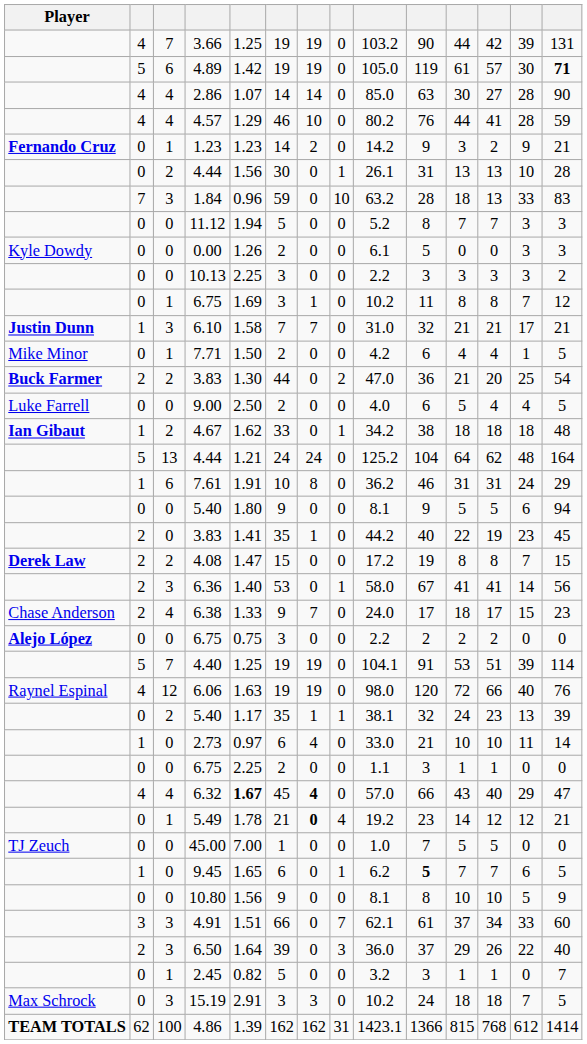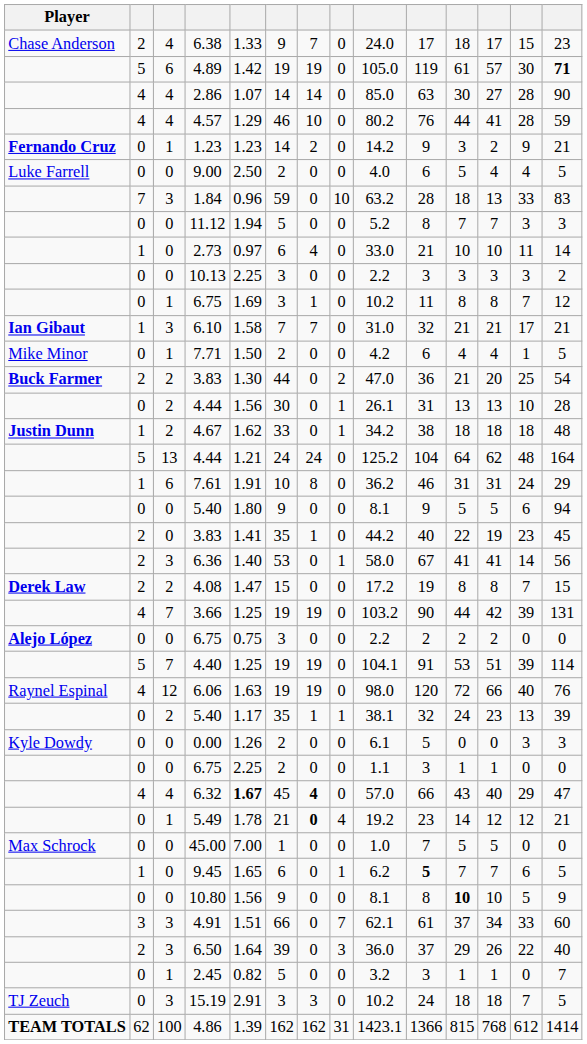 <table class="wikitable sortable" style="text-align:center;">
 <tr>
 <th>Player</th>
 <th></th>
 <th></th>
 <th></th>
 <th></th>
 <th></th>
 <th></th>
 <th></th>
 <th></th>
 <th></th>
 <th></th>
 <th></th>
 <th></th>
 <th></th>
 </tr>
 <tr>
-<td align=left></td>
+<td align=left><a href='#'>Chase Anderson</a></td>
+<td>2</td>
 <td>4</td>
+<td>6.38</td>
+<td>1.33</td>
+<td>9</td>
 <td>7</td>
-<td>3.66</td>
-<td>1.25</td>
-<td>19</td>
-<td>19</td>
 <td>0</td>
-<td>103.2</td>
-<td>90</td>
-<td>44</td>
-<td>42</td>
-<td>39</td>
-<td>131</td>
+<td>24.0</td>
+<td>17</td>
+<td>18</td>
+<td>17</td>
+<td>15</td>
+<td>23</td>
 </tr>
 <tr>
 <td align=left><strong></strong></td>
 <td>5</td>
 <td>6</td>
 <td>4.89</td>
 <td>1.42</td>
 <td>19</td>
 <td>19</td>
 <td>0</td>
 <td>105.0</td>
 <td>119</td>
 <td>61</td>
 <td>57</td>
 <td>30</td>
 <td><strong>71</strong></td>
 </tr>
 <tr>
 <td align=left><strong></strong></td>
 <td>4</td>
 <td>4</td>
 <td>2.86</td>
 <td>1.07</td>
 <td>14</td>
 <td>14</td>
 <td>0</td>
 <td>85.0</td>
 <td>63</td>
 <td>30</td>
 <td>27</td>
 <td>28</td>
 <td>90</td>
 </tr>
 <tr>
 <td align=left><strong></strong></td>
 <td>4</td>
 <td>4</td>
 <td>4.57</td>
 <td>1.29</td>
 <td>46</td>
 <td>10</td>
 <td>0</td>
 <td>80.2</td>
 <td>76</td>
 <td>44</td>
 <td>41</td>
 <td>28</td>
 <td>59</td>
 </tr>
 <tr>
 <td align=left><strong><a href='#'>Fernando Cruz</a></strong></td>
 <td>0</td>
 <td>1</td>
 <td>1.23</td>
 <td>1.23</td>
 <td>14</td>
 <td>2</td>
 <td>0</td>
 <td>14.2</td>
 <td>9</td>
 <td>3</td>
 <td>2</td>
 <td>9</td>
 <td>21</td>
 </tr>
 <tr>
-<td align=left></td>
+<td align=left><a href='#'>Luke Farrell</a></td>
 <td>0</td>
+<td>0</td>
+<td>9.00</td>
+<td>2.50</td>
 <td>2</td>
-<td>4.44</td>
-<td>1.56</td>
-<td>30</td>
 <td>0</td>
-<td>1</td>
-<td>26.1</td>
-<td>31</td>
-<td>13</td>
-<td>13</td>
-<td>10</td>
-<td>28</td>
+<td>0</td>
+<td>4.0</td>
+<td>6</td>
+<td>5</td>
+<td>4</td>
+<td>4</td>
+<td>5</td>
 </tr>
 <tr>
 <td align=left><strong></strong></td>
 <td>7</td>
 <td>3</td>
 <td>1.84</td>
 <td>0.96</td>
 <td>59</td>
 <td>0</td>
 <td>10</td>
 <td>63.2</td>
 <td>28</td>
 <td>18</td>
 <td>13</td>
 <td>33</td>
 <td>83</td>
 </tr>
 <tr>
 <td align=left></td>
 <td>0</td>
 <td>0</td>
 <td>11.12</td>
 <td>1.94</td>
 <td>5</td>
 <td>0</td>
 <td>0</td>
 <td>5.2</td>
 <td>8</td>
 <td>7</td>
 <td>7</td>
 <td>3</td>
 <td>3</td>
 </tr>
 <tr>
-<td align=left><a href='#'>Kyle Dowdy</a></td>
+<td align=left><strong></strong></td>
+<td>1</td>
 <td>0</td>
+<td>2.73</td>
+<td>0.97</td>
+<td>6</td>
+<td>4</td>
 <td>0</td>
-<td>0.00</td>
-<td>1.26</td>
-<td>2</td>
-<td>0</td>
-<td>0</td>
-<td>6.1</td>
-<td>5</td>
-<td>0</td>
-<td>0</td>
-<td>3</td>
-<td>3</td>
+<td>33.0</td>
+<td>21</td>
+<td>10</td>
+<td>10</td>
+<td>11</td>
+<td>14</td>
 </tr>
 <tr>
 <td align=left></td>
 <td>0</td>
 <td>0</td>
 <td>10.13</td>
 <td>2.25</td>
 <td>3</td>
 <td>0</td>
 <td>0</td>
 <td>2.2</td>
 <td>3</td>
 <td>3</td>
 <td>3</td>
 <td>3</td>
 <td>2</td>
 </tr>
 <tr>
 <td align=left></td>
 <td>0</td>
 <td>1</td>
 <td>6.75</td>
 <td>1.69</td>
 <td>3</td>
 <td>1</td>
 <td>0</td>
 <td>10.2</td>
 <td>11</td>
 <td>8</td>
 <td>8</td>
 <td>7</td>
 <td>12</td>
 </tr>
 <tr>
-<td align=left><strong><a href='#'>Justin Dunn</a></strong></td>
+<td align=left><strong><a href='#'>Ian Gibaut</a></strong></td>
 <td>1</td>
 <td>3</td>
 <td>6.10</td>
 <td>1.58</td>
 <td>7</td>
 <td>7</td>
 <td>0</td>
 <td>31.0</td>
 <td>32</td>
 <td>21</td>
 <td>21</td>
 <td>17</td>
 <td>21</td>
 </tr>
 <tr>
 <td align=left><a href='#'>Mike Minor</a></td>
 <td>0</td>
 <td>1</td>
 <td>7.71</td>
 <td>1.50</td>
 <td>2</td>
 <td>0</td>
 <td>0</td>
 <td>4.2</td>
 <td>6</td>
 <td>4</td>
 <td>4</td>
 <td>1</td>
 <td>5</td>
 </tr>
 <tr>
 <td align=left><strong><a href='#'>Buck Farmer</a></strong></td>
 <td>2</td>
 <td>2</td>
 <td>3.83</td>
 <td>1.30</td>
 <td>44</td>
 <td>0</td>
 <td>2</td>
 <td>47.0</td>
 <td>36</td>
 <td>21</td>
 <td>20</td>
 <td>25</td>
 <td>54</td>
 </tr>
 <tr>
-<td align=left><a href='#'>Luke Farrell</a></td>
+<td align=left></td>
 <td>0</td>
+<td>2</td>
+<td>4.44</td>
+<td>1.56</td>
+<td>30</td>
 <td>0</td>
-<td>9.00</td>
-<td>2.50</td>
-<td>2</td>
-<td>0</td>
-<td>0</td>
-<td>4.0</td>
-<td>6</td>
-<td>5</td>
-<td>4</td>
-<td>4</td>
-<td>5</td>
+<td>1</td>
+<td>26.1</td>
+<td>31</td>
+<td>13</td>
+<td>13</td>
+<td>10</td>
+<td>28</td>
 </tr>
 <tr>
-<td align=left><strong><a href='#'>Ian Gibaut</a></strong></td>
+<td align=left><strong><a href='#'>Justin Dunn</a></strong></td>
 <td>1</td>
 <td>2</td>
 <td>4.67</td>
 <td>1.62</td>
 <td>33</td>
 <td>0</td>
 <td>1</td>
 <td>34.2</td>
 <td>38</td>
 <td>18</td>
 <td>18</td>
 <td>18</td>
 <td>48</td>
 </tr>
 <tr>
 <td align=left><strong></strong></td>
 <td>5</td>
 <td>13</td>
 <td>4.44</td>
 <td>1.21</td>
 <td>24</td>
 <td>24</td>
 <td>0</td>
 <td>125.2</td>
 <td>104</td>
 <td>64</td>
 <td>62</td>
 <td>48</td>
 <td>164</td>
 </tr>
 <tr>
 <td align=left><strong></strong></td>
 <td>1</td>
 <td>6</td>
 <td>7.61</td>
 <td>1.91</td>
 <td>10</td>
 <td>8</td>
 <td>0</td>
 <td>36.2</td>
 <td>46</td>
 <td>31</td>
 <td>31</td>
 <td>24</td>
 <td>29</td>
 </tr>
 <tr>
 <td align=left></td>
 <td>0</td>
 <td>0</td>
 <td>5.40</td>
 <td>1.80</td>
 <td>9</td>
 <td>0</td>
 <td>0</td>
 <td>8.1</td>
 <td>9</td>
 <td>5</td>
 <td>5</td>
 <td>6</td>
 <td>94</td>
 </tr>
 <tr>
 <td align=left><strong></strong></td>
 <td>2</td>
 <td>0</td>
 <td>3.83</td>
 <td>1.41</td>
 <td>35</td>
 <td>1</td>
 <td>0</td>
 <td>44.2</td>
 <td>40</td>
 <td>22</td>
 <td>19</td>
 <td>23</td>
 <td>45</td>
 </tr>
 <tr>
+<td align=left></td>
+<td>2</td>
+<td>3</td>
+<td>6.36</td>
+<td>1.40</td>
+<td>53</td>
+<td>0</td>
+<td>1</td>
+<td>58.0</td>
+<td>67</td>
+<td>41</td>
+<td>41</td>
+<td>14</td>
+<td>56</td>
+</tr>
+<tr>
 <td align=left><strong><a href='#'>Derek Law</a></strong></td>
 <td>2</td>
 <td>2</td>
 <td>4.08</td>
 <td>1.47</td>
 <td>15</td>
 <td>0</td>
 <td>0</td>
 <td>17.2</td>
 <td>19</td>
 <td>8</td>
 <td>8</td>
 <td>7</td>
 <td>15</td>
 </tr>
 <tr>
 <td align=left></td>
-<td>2</td>
-<td>3</td>
-<td>6.36</td>
-<td>1.40</td>
-<td>53</td>
+<td>4</td>
+<td>7</td>
+<td>3.66</td>
+<td>1.25</td>
+<td>19</td>
+<td>19</td>
 <td>0</td>
-<td>1</td>
-<td>58.0</td>
-<td>67</td>
-<td>41</td>
-<td>41</td>
-<td>14</td>
-<td>56</td>
-</tr>
-<tr>
-<td align=left><a href='#'>Chase Anderson</a></td>
-<td>2</td>
-<td>4</td>
-<td>6.38</td>
-<td>1.33</td>
-<td>9</td>
-<td>7</td>
-<td>0</td>
-<td>24.0</td>
-<td>17</td>
-<td>18</td>
-<td>17</td>
-<td>15</td>
-<td>23</td>
+<td>103.2</td>
+<td>90</td>
+<td>44</td>
+<td>42</td>
+<td>39</td>
+<td>131</td>
 </tr>
 <tr>
 <td align=left><strong><a href='#'>Alejo López</a></strong></td>
 <td>0</td>
 <td>0</td>
 <td>6.75</td>
 <td>0.75</td>
 <td>3</td>
 <td>0</td>
 <td>0</td>
 <td>2.2</td>
 <td>2</td>
 <td>2</td>
 <td>2</td>
 <td>0</td>
 <td>0</td>
 </tr>
 <tr>
 <td align=left></td>
 <td>5</td>
 <td>7</td>
 <td>4.40</td>
 <td>1.25</td>
 <td>19</td>
 <td>19</td>
 <td>0</td>
 <td>104.1</td>
 <td>91</td>
 <td>53</td>
 <td>51</td>
 <td>39</td>
 <td>114</td>
 </tr>
 <tr>
 <td align=left><a href='#'>Raynel Espinal</a></td>
 <td>4</td>
 <td>12</td>
 <td>6.06</td>
 <td>1.63</td>
 <td>19</td>
 <td>19</td>
 <td>0</td>
 <td>98.0</td>
 <td>120</td>
 <td>72</td>
 <td>66</td>
 <td>40</td>
 <td>76</td>
 </tr>
 <tr>
 <td align=left></td>
 <td>0</td>
 <td>2</td>
 <td>5.40</td>
 <td>1.17</td>
 <td>35</td>
 <td>1</td>
 <td>1</td>
 <td>38.1</td>
 <td>32</td>
 <td>24</td>
 <td>23</td>
 <td>13</td>
 <td>39</td>
 </tr>
 <tr>
-<td align=left><strong></strong></td>
-<td>1</td>
+<td align=left><a href='#'>Kyle Dowdy</a></td>
 <td>0</td>
-<td>2.73</td>
-<td>0.97</td>
-<td>6</td>
-<td>4</td>
 <td>0</td>
-<td>33.0</td>
-<td>21</td>
-<td>10</td>
-<td>10</td>
-<td>11</td>
-<td>14</td>
+<td>0.00</td>
+<td>1.26</td>
+<td>2</td>
+<td>0</td>
+<td>0</td>
+<td>6.1</td>
+<td>5</td>
+<td>0</td>
+<td>0</td>
+<td>3</td>
+<td>3</td>
 </tr>
 <tr>
 <td align=left><strong></strong></td>
 <td>0</td>
 <td>0</td>
 <td>6.75</td>
 <td>2.25</td>
 <td>2</td>
 <td>0</td>
 <td>0</td>
 <td>1.1</td>
 <td>3</td>
 <td>1</td>
 <td>1</td>
 <td>0</td>
 <td>0</td>
 </tr>
 <tr>
 <td align=left></td>
 <td>4</td>
 <td>4</td>
 <td>6.32</td>
 <td><strong>1.67</strong></td>
 <td>45</td>
 <td><strong>4</strong></td>
 <td>0</td>
 <td>57.0</td>
 <td>66</td>
 <td>43</td>
 <td>40</td>
 <td>29</td>
 <td>47</td>
 </tr>
 <tr>
 <td align=left><strong></strong></td>
 <td>0</td>
 <td>1</td>
 <td>5.49</td>
 <td>1.78</td>
 <td>21</td>
 <td><strong>0</strong></td>
 <td>4</td>
 <td>19.2</td>
 <td>23</td>
 <td>14</td>
 <td>12</td>
 <td>12</td>
 <td>21</td>
 </tr>
 <tr>
-<td align=left><a href='#'>TJ Zeuch</a></td>
+<td align=left><a href='#'>Max Schrock</a></td>
 <td>0</td>
 <td>0</td>
 <td>45.00</td>
 <td>7.00</td>
 <td>1</td>
 <td>0</td>
 <td>0</td>
 <td>1.0</td>
 <td>7</td>
 <td>5</td>
 <td>5</td>
 <td>0</td>
 <td>0</td>
 </tr>
 <tr>
 <td align=left></td>
 <td>1</td>
 <td>0</td>
 <td>9.45</td>
 <td>1.65</td>
 <td>6</td>
 <td>0</td>
 <td>1</td>
 <td>6.2</td>
 <td><strong>5</strong></td>
 <td>7</td>
 <td>7</td>
 <td>6</td>
 <td>5</td>
 </tr>
 <tr>
 <td align=left><strong></strong></td>
 <td>0</td>
 <td>0</td>
 <td>10.80</td>
 <td>1.56</td>
 <td>9</td>
 <td>0</td>
 <td>0</td>
 <td>8.1</td>
 <td>8</td>
-<td>10</td>
+<td><strong>10</strong></td>
 <td>10</td>
 <td>5</td>
 <td>9</td>
 </tr>
 <tr>
 <td align=left><strong></strong></td>
 <td>3</td>
 <td>3</td>
 <td>4.91</td>
 <td>1.51</td>
 <td>66</td>
 <td>0</td>
 <td>7</td>
 <td>62.1</td>
 <td>61</td>
 <td>37</td>
 <td>34</td>
 <td>33</td>
 <td>60</td>
 </tr>
 <tr>
 <td align=left><strong></strong></td>
 <td>2</td>
 <td>3</td>
 <td>6.50</td>
 <td>1.64</td>
 <td>39</td>
 <td>0</td>
 <td>3</td>
 <td>36.0</td>
 <td>37</td>
 <td>29</td>
 <td>26</td>
 <td>22</td>
 <td>40</td>
 </tr>
 <tr>
 <td align=left></td>
 <td>0</td>
 <td>1</td>
 <td>2.45</td>
 <td>0.82</td>
 <td>5</td>
 <td>0</td>
 <td>0</td>
 <td>3.2</td>
 <td>3</td>
 <td>1</td>
 <td>1</td>
 <td>0</td>
 <td>7</td>
 </tr>
 <tr>
-<td align=left><a href='#'>Max Schrock</a></td>
+<td align=left><a href='#'>TJ Zeuch</a></td>
 <td>0</td>
 <td>3</td>
 <td>15.19</td>
 <td>2.91</td>
 <td>3</td>
 <td>3</td>
 <td>0</td>
 <td>10.2</td>
 <td>24</td>
 <td>18</td>
 <td>18</td>
 <td>7</td>
 <td>5</td>
 </tr>
 <tr class="sortbottom">
 <td align="left"><strong>TEAM TOTALS</strong></td>
 <td>62</td>
 <td>100</td>
 <td>4.86</td>
 <td>1.39</td>
 <td>162</td>
 <td>162</td>
 <td>31</td>
 <td>1423.1</td>
 <td>1366</td>
 <td>815</td>
 <td>768</td>
 <td>612</td>
 <td>1414</td>
 </tr>
 </table>
